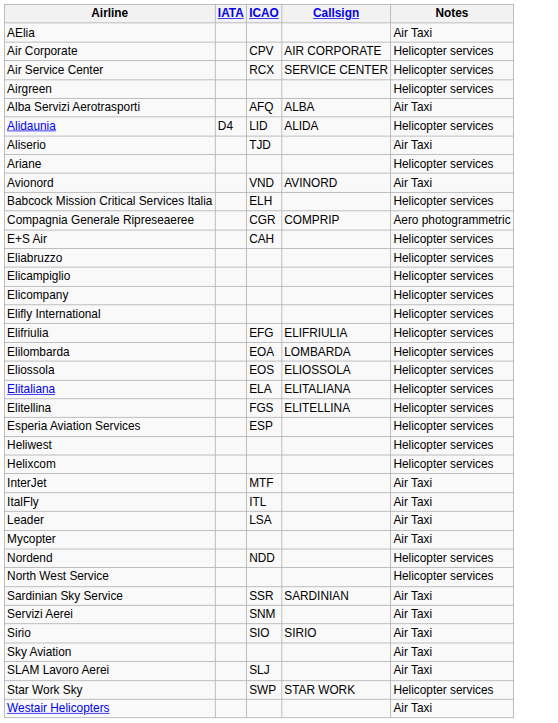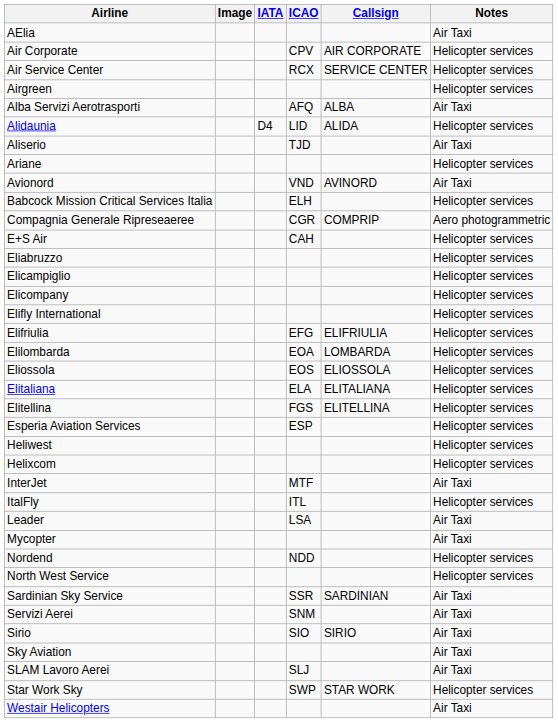 <table class="wikitable sortable" style="border: 0; cellpadding: 2; cellspacing: 3;">
 <tr>
 <th>Airline</th>
+<th>Image</th>
 <th><a href='#'> IATA</a></th>
 <th><a href='#'> ICAO</a></th>
 <th><a href='#'>Callsign</a></th>
 <th>Notes</th>
 </tr>
 <tr>
 <td>AElia</td>
 <td></td>
 <td></td>
 <td></td>
+<td></td>
 <td>Air Taxi</td>
 </tr>
 <tr>
 <td>Air Corporate</td>
+<td></td>
 <td></td>
 <td>CPV</td>
 <td>AIR CORPORATE</td>
 <td>Helicopter services</td>
 </tr>
 <tr>
 <td>Air Service Center</td>
+<td></td>
 <td></td>
 <td>RCX</td>
 <td>SERVICE CENTER</td>
 <td>Helicopter services</td>
 </tr>
 <tr>
 <td>Airgreen</td>
 <td></td>
 <td></td>
 <td></td>
+<td></td>
 <td>Helicopter services</td>
 </tr>
 <tr>
 <td>Alba Servizi Aerotrasporti</td>
+<td></td>
 <td></td>
 <td>AFQ</td>
 <td>ALBA</td>
 <td>Air Taxi</td>
 </tr>
 <tr>
 <td><a href='#'>Alidaunia</a></td>
+<td></td>
 <td>D4</td>
 <td>LID</td>
 <td>ALIDA</td>
 <td>Helicopter  services</td>
 </tr>
 <tr>
 <td>Aliserio</td>
+<td></td>
 <td></td>
 <td>TJD</td>
 <td></td>
 <td>Air Taxi</td>
 </tr>
 <tr>
 <td>Ariane</td>
 <td></td>
 <td></td>
 <td></td>
+<td></td>
 <td>Helicopter services</td>
 </tr>
 <tr>
 <td>Avionord</td>
+<td></td>
 <td></td>
 <td>VND</td>
 <td>AVINORD</td>
 <td>Air Taxi</td>
 </tr>
 <tr>
 <td>Babcock Mission Critical Services Italia</td>
 <td></td>
+<td></td>
 <td>ELH</td>
 <td></td>
 <td>Helicopter services</td>
 </tr>
 <tr>
 <td>Compagnia Generale Ripreseaeree</td>
 <td></td>
+<td></td>
 <td>CGR</td>
 <td>COMPRIP</td>
 <td>Aero photogrammetric</td>
 </tr>
 <tr>
 <td>E+S Air</td>
+<td></td>
 <td></td>
 <td>CAH</td>
 <td></td>
 <td>Helicopter services</td>
 </tr>
 <tr>
 <td>Eliabruzzo</td>
 <td></td>
 <td></td>
 <td></td>
+<td></td>
 <td>Helicopter services</td>
 </tr>
 <tr>
 <td>Elicampiglio</td>
+<td></td>
 <td></td>
 <td></td>
 <td></td>
 <td>Helicopter services</td>
 </tr>
 <tr>
 <td>Elicompany</td>
 <td></td>
 <td></td>
 <td></td>
+<td></td>
 <td>Helicopter services</td>
 </tr>
 <tr>
 <td>Elifly International</td>
+<td></td>
 <td></td>
 <td></td>
 <td></td>
 <td>Helicopter services</td>
 </tr>
 <tr>
 <td>Elifriulia</td>
 <td></td>
+<td></td>
 <td>EFG</td>
 <td>ELIFRIULIA</td>
 <td>Helicopter services</td>
 </tr>
 <tr>
 <td>Elilombarda</td>
+<td></td>
 <td></td>
 <td>EOA</td>
 <td>LOMBARDA</td>
 <td>Helicopter services</td>
 </tr>
 <tr>
 <td>Eliossola</td>
 <td></td>
+<td></td>
 <td>EOS</td>
 <td>ELIOSSOLA</td>
 <td>Helicopter services</td>
 </tr>
 <tr>
 <td><a href='#'>Elitaliana</a></td>
+<td></td>
 <td></td>
 <td>ELA</td>
 <td>ELITALIANA</td>
 <td>Helicopter services</td>
 </tr>
 <tr>
 <td>Elitellina</td>
 <td></td>
+<td></td>
 <td>FGS</td>
 <td>ELITELLINA</td>
 <td>Helicopter services</td>
 </tr>
 <tr>
 <td>Esperia Aviation Services</td>
+<td></td>
 <td></td>
 <td>ESP</td>
 <td></td>
 <td>Helicopter services</td>
 </tr>
 <tr>
 <td>Heliwest</td>
 <td></td>
 <td></td>
 <td></td>
+<td></td>
 <td>Helicopter services</td>
 </tr>
 <tr>
 <td>Helixcom</td>
+<td></td>
 <td></td>
 <td></td>
 <td></td>
 <td>Helicopter services</td>
 </tr>
 <tr>
 <td>InterJet</td>
 <td></td>
+<td></td>
 <td>MTF</td>
 <td></td>
 <td>Air Taxi</td>
 </tr>
 <tr>
 <td>ItalFly</td>
 <td></td>
+<td></td>
 <td>ITL</td>
 <td></td>
-<td>Air Taxi</td>
+<td>Helicopter services</td>
 </tr>
 <tr>
 <td>Leader</td>
+<td></td>
 <td></td>
 <td>LSA</td>
 <td></td>
 <td>Air Taxi</td>
 </tr>
 <tr>
 <td>Mycopter</td>
 <td></td>
 <td></td>
 <td></td>
+<td></td>
 <td>Air Taxi</td>
 </tr>
 <tr>
 <td>Nordend</td>
+<td></td>
 <td></td>
 <td>NDD</td>
 <td></td>
 <td>Helicopter services</td>
 </tr>
 <tr>
 <td>North West Service</td>
 <td></td>
 <td></td>
 <td></td>
+<td></td>
 <td>Helicopter services</td>
 </tr>
 <tr>
 <td>Sardinian Sky Service</td>
+<td></td>
 <td></td>
 <td>SSR</td>
 <td>SARDINIAN</td>
 <td>Air Taxi</td>
 </tr>
 <tr>
 <td>Servizi Aerei</td>
 <td></td>
+<td></td>
 <td>SNM</td>
 <td></td>
 <td>Air Taxi</td>
 </tr>
 <tr>
 <td>Sirio</td>
+<td></td>
 <td></td>
 <td>SIO</td>
 <td>SIRIO</td>
 <td>Air Taxi</td>
 </tr>
 <tr>
 <td>Sky Aviation</td>
 <td></td>
 <td></td>
 <td></td>
+<td></td>
 <td>Air Taxi</td>
 </tr>
 <tr>
 <td>SLAM Lavoro Aerei</td>
+<td></td>
 <td></td>
 <td>SLJ</td>
 <td></td>
 <td>Air Taxi</td>
 </tr>
 <tr>
 <td>Star Work Sky</td>
+<td></td>
 <td></td>
 <td>SWP</td>
 <td>STAR WORK</td>
 <td>Helicopter services</td>
 </tr>
 <tr>
 <td><a href='#'>Westair Helicopters</a></td>
 <td></td>
 <td></td>
 <td></td>
+<td></td>
 <td>Air Taxi</td>
 </tr>
 </table>
